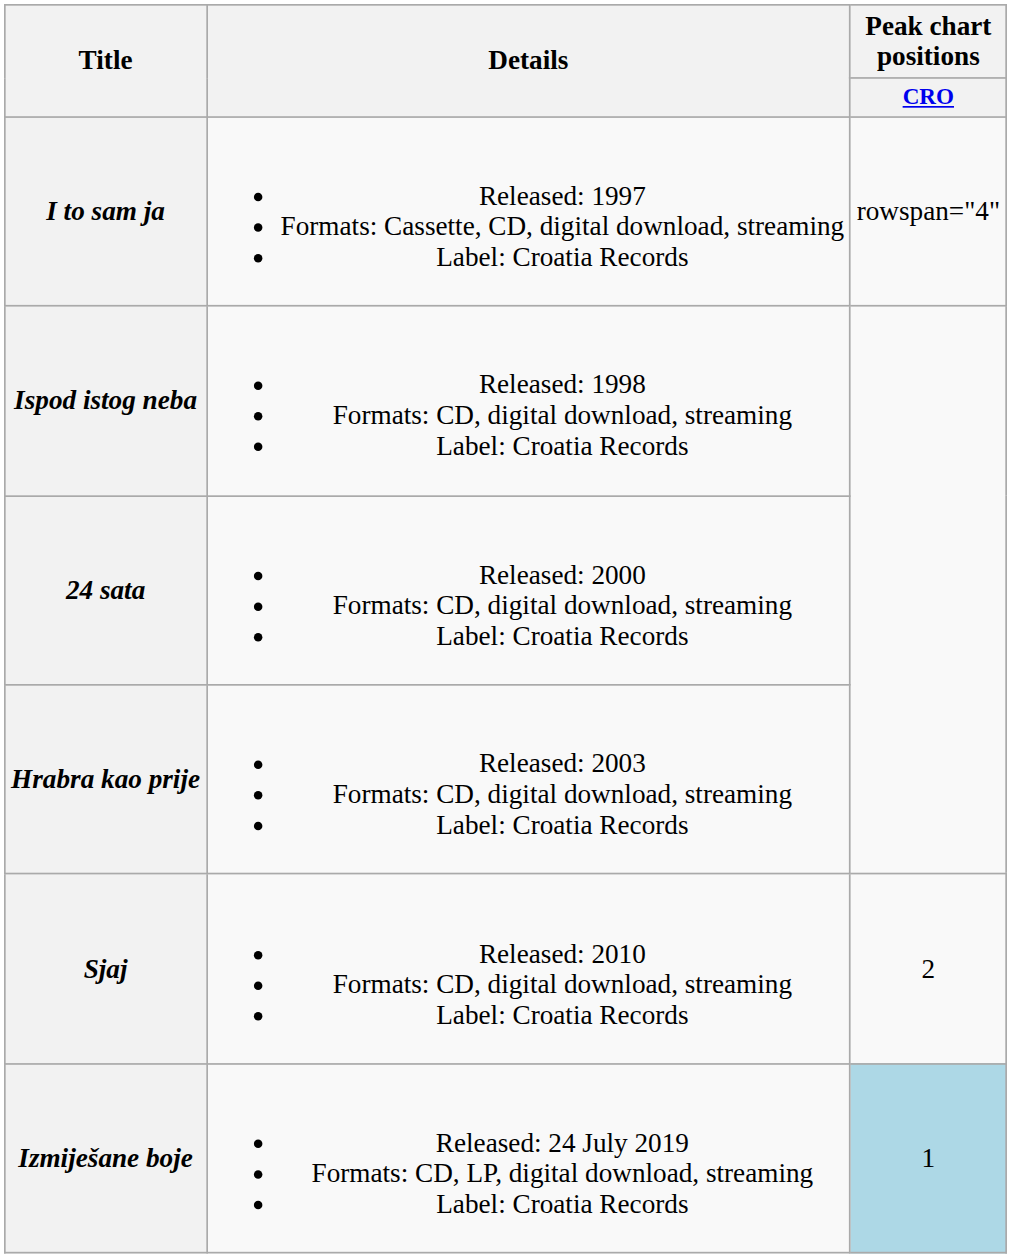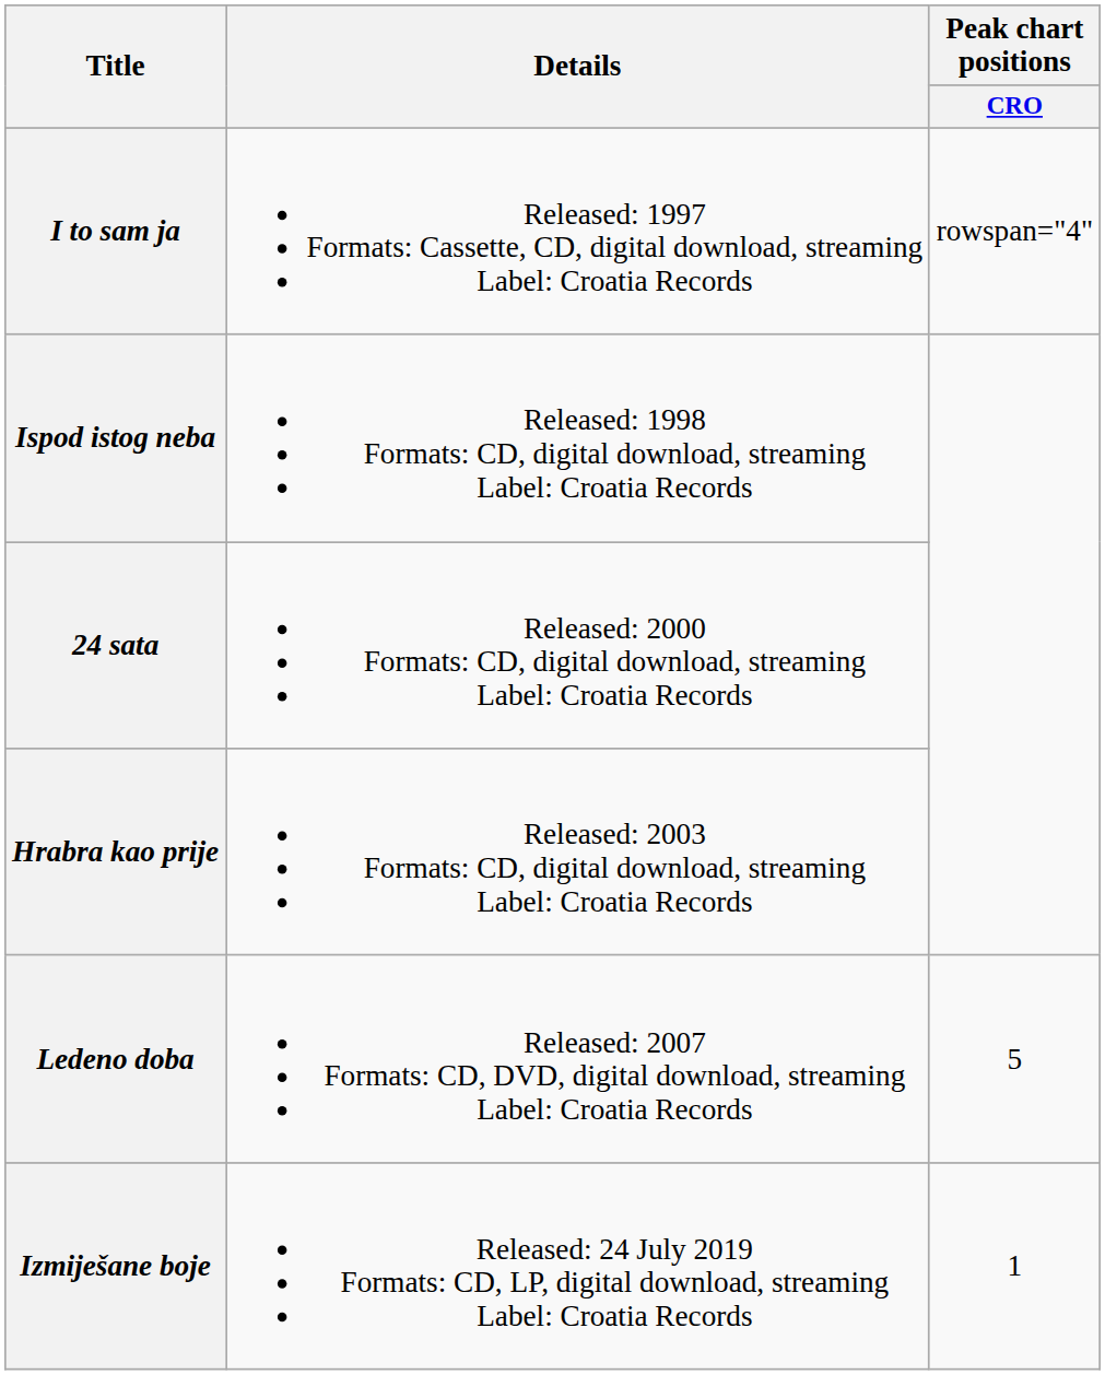 <table class="wikitable plainrowheaders" style="text-align:center;">
 <tr>
 <th scope="col" rowspan="2">Title</th>
 <th scope="col" rowspan="2">Details</th>
 <th scope="col" colspan="1">Peak chart positions</th>
 </tr>
 <tr>
 <th scope="col" style="width:3em;font-size:85%;"><a href='#'>CRO</a><br></th>
 </tr>
 <tr>
 <th scope="row"><em>I to sam ja</em></th>
 <td><br><ul><li>Released: 1997</li><li>Formats: Cassette, CD, digital download, streaming</li><li>Label: Croatia Records</li></ul></td>
 <td>rowspan="4" </td>
 </tr>
 <tr>
 <th scope="row"><em>Ispod istog neba</em></th>
 <td><br><ul><li>Released: 1998</li><li>Formats: CD, digital download, streaming</li><li>Label: Croatia Records</li></ul></td>
 </tr>
 <tr>
 <th scope="row"><em>24 sata</em></th>
 <td><br><ul><li>Released: 2000</li><li>Formats: CD, digital download, streaming</li><li>Label: Croatia Records</li></ul></td>
 </tr>
 <tr>
 <th scope="row"><em>Hrabra kao prije</em></th>
 <td><br><ul><li>Released: 2003</li><li>Formats: CD, digital download, streaming</li><li>Label: Croatia Records</li></ul></td>
 </tr>
 <tr>
-<th scope="row"><em>Sjaj</em></th>
-<td><br><ul><li>Released: 2010</li><li>Formats: CD, digital download, streaming</li><li>Label: Croatia Records</li></ul></td>
-<td>2</td>
+<th scope="row"><em>Ledeno doba</em></th>
+<td><br><ul><li>Released: 2007</li><li>Formats: CD, DVD, digital download, streaming</li><li>Label: Croatia Records</li></ul></td>
+<td>5</td>
 </tr>
 <tr>
 <th scope="row"><em>Izmiješane boje</em></th>
 <td><br><ul><li>Released: 24 July 2019</li><li>Formats: CD, LP, digital download, streaming</li><li>Label: Croatia Records</li></ul></td>
-<td style="background: lightblue;">1</td>
+<td>1</td>
 </tr>
 </table>
